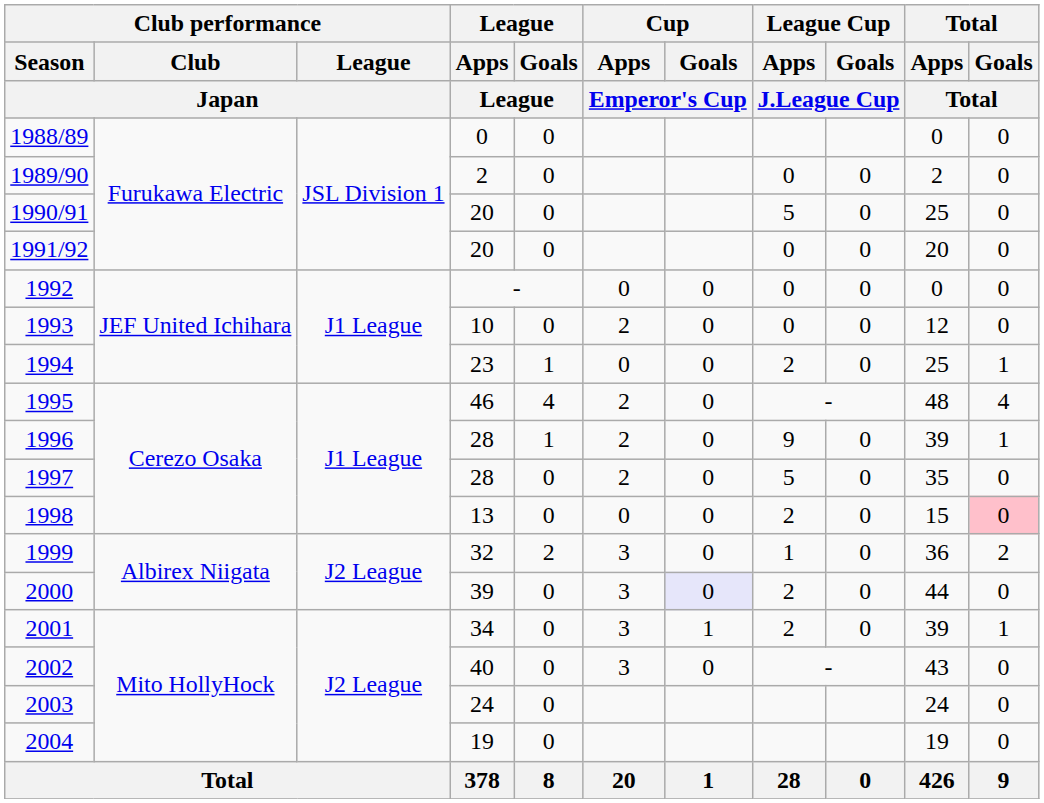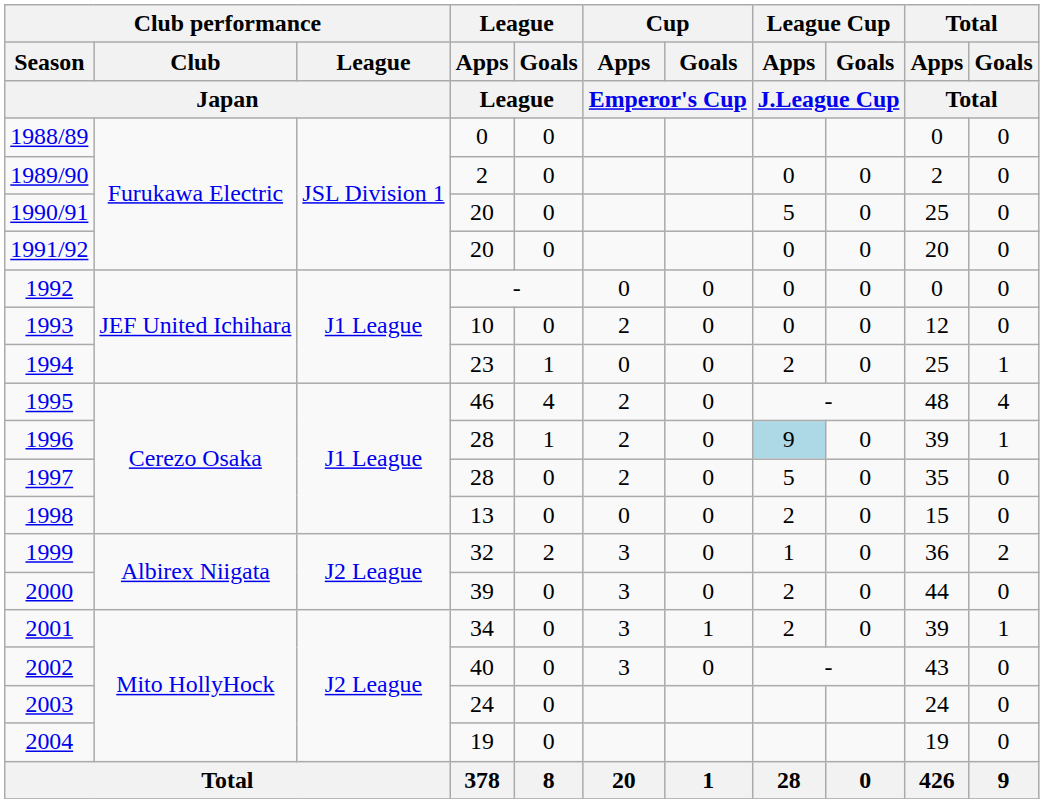 <table class="wikitable" style="text-align:center;">
 <tr>
 <th colspan=3>Club performance</th>
 <th colspan=2>League</th>
 <th colspan=2>Cup</th>
 <th colspan=2>League Cup</th>
 <th colspan=2>Total</th>
 </tr>
 <tr>
 <th>Season</th>
 <th>Club</th>
 <th>League</th>
 <th>Apps</th>
 <th>Goals</th>
 <th>Apps</th>
 <th>Goals</th>
 <th>Apps</th>
 <th>Goals</th>
 <th>Apps</th>
 <th>Goals</th>
 </tr>
 <tr>
 <th colspan=3>Japan</th>
 <th colspan=2>League</th>
 <th colspan=2><a href='#'>Emperor's Cup</a></th>
 <th colspan=2><a href='#'>J.League Cup</a></th>
 <th colspan=2>Total</th>
 </tr>
 <tr>
 <td><a href='#'>1988/89</a></td>
 <td rowspan="4"><a href='#'>Furukawa Electric</a></td>
 <td rowspan="4"><a href='#'>JSL Division 1</a></td>
 <td>0</td>
 <td>0</td>
 <td></td>
 <td></td>
 <td></td>
 <td></td>
 <td>0</td>
 <td>0</td>
 </tr>
 <tr>
 <td><a href='#'>1989/90</a></td>
 <td>2</td>
 <td>0</td>
 <td></td>
 <td></td>
 <td>0</td>
 <td>0</td>
 <td>2</td>
 <td>0</td>
 </tr>
 <tr>
 <td><a href='#'>1990/91</a></td>
 <td>20</td>
 <td>0</td>
 <td></td>
 <td></td>
 <td>5</td>
 <td>0</td>
 <td>25</td>
 <td>0</td>
 </tr>
 <tr>
 <td><a href='#'>1991/92</a></td>
 <td>20</td>
 <td>0</td>
 <td></td>
 <td></td>
 <td>0</td>
 <td>0</td>
 <td>20</td>
 <td>0</td>
 </tr>
 <tr>
 <td><a href='#'>1992</a></td>
 <td rowspan="3"><a href='#'>JEF United Ichihara</a></td>
 <td rowspan="3"><a href='#'>J1 League</a></td>
 <td colspan="2">-</td>
 <td>0</td>
 <td>0</td>
 <td>0</td>
 <td>0</td>
 <td>0</td>
 <td>0</td>
 </tr>
 <tr>
 <td><a href='#'>1993</a></td>
 <td>10</td>
 <td>0</td>
 <td>2</td>
 <td>0</td>
 <td>0</td>
 <td>0</td>
 <td>12</td>
 <td>0</td>
 </tr>
 <tr>
 <td><a href='#'>1994</a></td>
 <td>23</td>
 <td>1</td>
 <td>0</td>
 <td>0</td>
 <td>2</td>
 <td>0</td>
 <td>25</td>
 <td>1</td>
 </tr>
 <tr>
 <td><a href='#'>1995</a></td>
 <td rowspan="4"><a href='#'>Cerezo Osaka</a></td>
 <td rowspan="4"><a href='#'>J1 League</a></td>
 <td>46</td>
 <td>4</td>
 <td>2</td>
 <td>0</td>
 <td colspan="2">-</td>
 <td>48</td>
 <td>4</td>
 </tr>
 <tr>
 <td><a href='#'>1996</a></td>
 <td>28</td>
 <td>1</td>
 <td>2</td>
 <td>0</td>
-<td>9</td>
+<td style="background: lightblue;">9</td>
 <td>0</td>
 <td>39</td>
 <td>1</td>
 </tr>
 <tr>
 <td><a href='#'>1997</a></td>
 <td>28</td>
 <td>0</td>
 <td>2</td>
 <td>0</td>
 <td>5</td>
 <td>0</td>
 <td>35</td>
 <td>0</td>
 </tr>
 <tr>
 <td><a href='#'>1998</a></td>
 <td>13</td>
 <td>0</td>
 <td>0</td>
 <td>0</td>
 <td>2</td>
 <td>0</td>
 <td>15</td>
-<td style="background: pink;">0</td>
+<td>0</td>
 </tr>
 <tr>
 <td><a href='#'>1999</a></td>
 <td rowspan="2"><a href='#'>Albirex Niigata</a></td>
 <td rowspan="2"><a href='#'>J2 League</a></td>
 <td>32</td>
 <td>2</td>
 <td>3</td>
 <td>0</td>
 <td>1</td>
 <td>0</td>
 <td>36</td>
 <td>2</td>
 </tr>
 <tr>
 <td><a href='#'>2000</a></td>
 <td>39</td>
 <td>0</td>
 <td>3</td>
-<td style="background: lavender;">0</td>
+<td>0</td>
 <td>2</td>
 <td>0</td>
 <td>44</td>
 <td>0</td>
 </tr>
 <tr>
 <td><a href='#'>2001</a></td>
 <td rowspan="4"><a href='#'>Mito HollyHock</a></td>
 <td rowspan="4"><a href='#'>J2 League</a></td>
 <td>34</td>
 <td>0</td>
 <td>3</td>
 <td>1</td>
 <td>2</td>
 <td>0</td>
 <td>39</td>
 <td>1</td>
 </tr>
 <tr>
 <td><a href='#'>2002</a></td>
 <td>40</td>
 <td>0</td>
 <td>3</td>
 <td>0</td>
 <td colspan="2">-</td>
 <td>43</td>
 <td>0</td>
 </tr>
 <tr>
 <td><a href='#'>2003</a></td>
 <td>24</td>
 <td>0</td>
 <td></td>
 <td></td>
 <td></td>
 <td></td>
 <td>24</td>
 <td>0</td>
 </tr>
 <tr>
 <td><a href='#'>2004</a></td>
 <td>19</td>
 <td>0</td>
 <td></td>
 <td></td>
 <td></td>
 <td></td>
 <td>19</td>
 <td>0</td>
 </tr>
 <tr>
 <th colspan=3>Total</th>
 <th>378</th>
 <th>8</th>
 <th>20</th>
 <th>1</th>
 <th>28</th>
 <th>0</th>
 <th>426</th>
 <th>9</th>
 </tr>
 </table>
